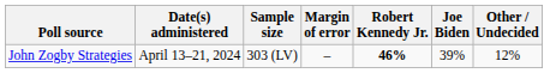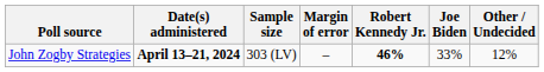 <table class="wikitable sortable mw-datatable" style="font-size:90%;text-align:center;line-height:17px">
 <tr valign=bottom>
 <th>Poll source</th>
 <th>Date(s)<br>administered</th>
 <th>Sample<br>size</th>
 <th>Margin<br>of error</th>
 <th class="unsortable">Robert<br>Kennedy Jr.<br></th>
 <th class="unsortable">Joe<br>Biden<br></th>
 <th class="unsortable">Other /<br>Undecided</th>
 </tr>
 <tr>
 <td style="text-align:left;"><a href='#'>John Zogby Strategies</a></td>
-<td data-sort-value="2024-05-01">April 13–21, 2024</td>
+<td data-sort-value="2024-05-01"><strong>April 13–21, 2024</strong></td>
 <td>303 (LV)</td>
 <td>–</td>
 <td style="background-color:"><strong>46%</strong></td>
-<td>39%</td>
+<td>33%</td>
 <td>12%</td>
 </tr>
 </table>
